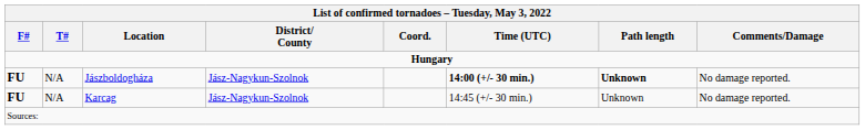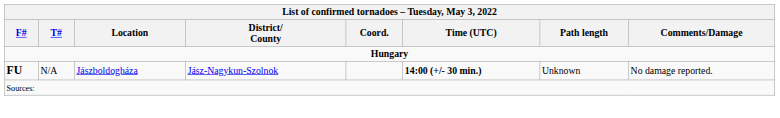 <table class="wikitable collapsible" width="100%">
 <tr>
 <th colspan="8">List of confirmed tornadoes – Tuesday, May 3, 2022</th>
 </tr>
 <tr>
 <th><a href='#'>F#</a></th>
 <th><a href='#'>T#</a></th>
 <th>Location</th>
 <th>District/<br>County</th>
 <th>Coord.</th>
 <th>Time (UTC)</th>
 <th>Path length</th>
 <th>Comments/Damage</th>
 </tr>
 <tr>
 <td colspan="8" align=center><strong>Hungary </strong></td>
 </tr>
 <tr>
 <td><big><strong>FU</strong></big></td>
 <td>N/A</td>
 <td><a href='#'>Jászboldogháza</a></td>
 <td><a href='#'>Jász-Nagykun-Szolnok</a></td>
 <td></td>
 <td><strong>14:00 (+/- 30 min.)</strong></td>
-<td><strong>Unknown</strong></td>
-<td>No damage reported.</td>
-</tr>
-<tr>
-<td><big><strong>FU</strong></big></td>
-<td>N/A</td>
-<td><a href='#'>Karcag</a></td>
-<td><a href='#'>Jász-Nagykun-Szolnok</a></td>
-<td></td>
-<td>14:45 (+/- 30 min.)</td>
 <td>Unknown</td>
 <td>No damage reported.</td>
 </tr>
 <tr>
 <td colspan="8"><small>Sources:  </small></td>
 </tr>
 </table>
